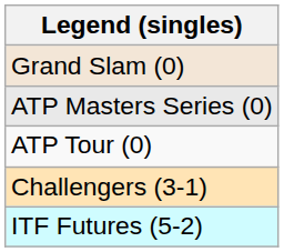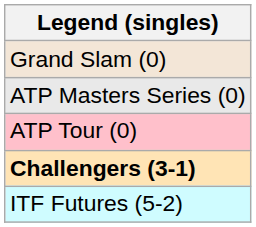 <table class=wikitable>
 <tr>
 <th>Legend (singles)</th>
 </tr>
 <tr style="background:#f3e6d7;">
 <td>Grand Slam (0)</td>
 </tr>
 <tr style="background:#e9e9e9;">
 <td>ATP Masters Series (0)</td>
 </tr>
 <tr>
-<td>ATP Tour (0)</td>
+<td style="background: pink;">ATP Tour (0)</td>
 </tr>
 <tr bgcolor=moccasin>
-<td>Challengers (3-1)</td>
+<td><strong>Challengers (3-1)</strong></td>
 </tr>
 <tr bgcolor=CFFCFF>
 <td>ITF Futures (5-2)</td>
 </tr>
 </table>
